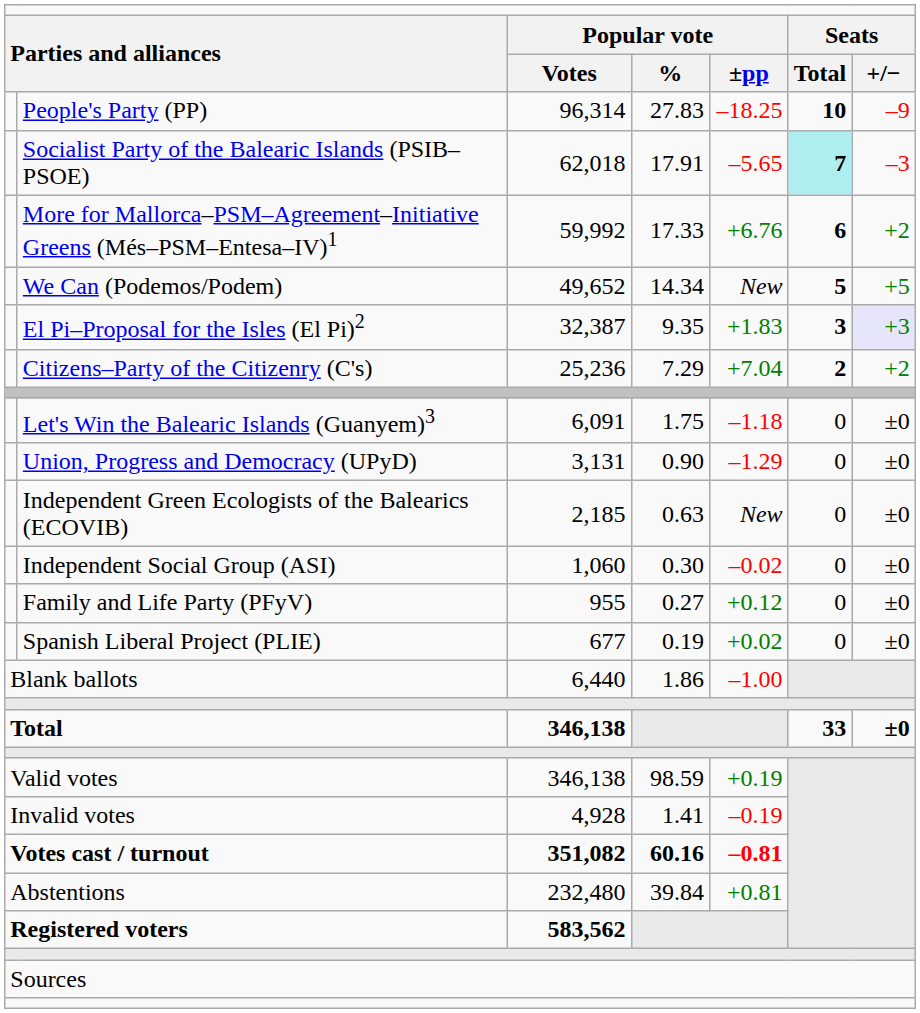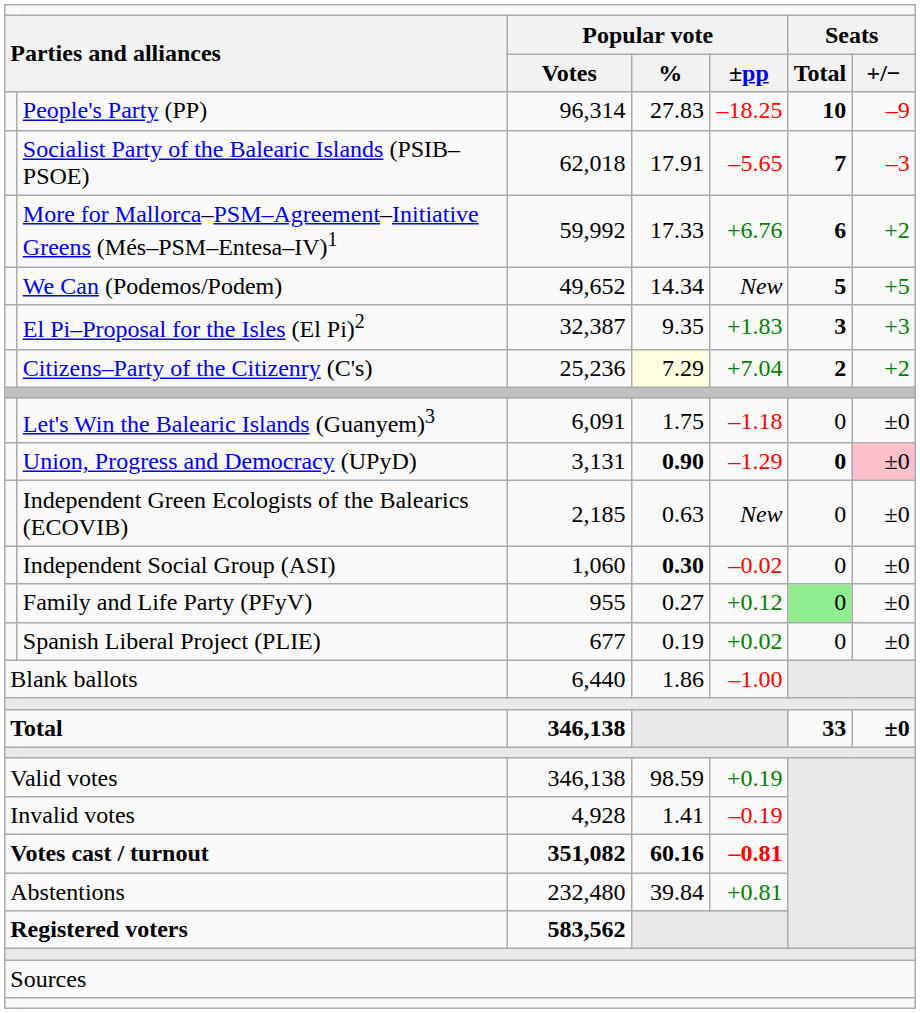 <table class="wikitable" style="text-align:right;">
 <tr>
 <td colspan="7"></td>
 </tr>
 <tr>
 <th style="text-align:left;" rowspan="2" colspan="2" width="525">Parties and alliances</th>
 <th colspan="3">Popular vote</th>
 <th colspan="2">Seats</th>
 </tr>
 <tr>
 <th width="75">Votes</th>
 <th width="45">%</th>
 <th width="45">±<a href='#'>pp</a></th>
 <th width="35">Total</th>
 <th width="35">+/−</th>
 </tr>
 <tr>
 <td width="1" style="color:inherit;background:"></td>
 <td align="left"><a href='#'>People's Party</a> (PP)</td>
 <td>96,314</td>
 <td>27.83</td>
 <td style="color:red;">–18.25</td>
 <td><strong>10</strong></td>
 <td style="color:red;">–9</td>
 </tr>
 <tr>
 <td style="color:inherit;background:"></td>
 <td align="left"><a href='#'>Socialist Party of the Balearic Islands</a> (PSIB–PSOE)</td>
 <td>62,018</td>
 <td>17.91</td>
 <td style="color:red;">–5.65</td>
-<td style="background: paleturquoise;"><strong>7</strong></td>
+<td><strong>7</strong></td>
 <td style="color:red;">–3</td>
 </tr>
 <tr>
 <td style="color:inherit;background:"></td>
 <td align="left"><a href='#'>More for Mallorca</a>–<a href='#'>PSM–Agreement</a>–<a href='#'>Initiative Greens</a> (Més–PSM–Entesa–IV)<sup>1</sup></td>
 <td>59,992</td>
 <td>17.33</td>
 <td style="color:green;">+6.76</td>
 <td><strong>6</strong></td>
 <td style="color:green;">+2</td>
 </tr>
 <tr>
 <td style="color:inherit;background:"></td>
 <td align="left"><a href='#'>We Can</a> (Podemos/Podem)</td>
 <td>49,652</td>
 <td>14.34</td>
 <td><em>New</em></td>
 <td><strong>5</strong></td>
 <td style="color:green;">+5</td>
 </tr>
 <tr>
 <td style="color:inherit;background:"></td>
 <td align="left"><a href='#'>El Pi–Proposal for the Isles</a> (El Pi)<sup>2</sup></td>
 <td>32,387</td>
 <td>9.35</td>
 <td style="color:green;">+1.83</td>
 <td><strong>3</strong></td>
-<td style="background: lavender; color:green;">+3</td>
+<td style="color:green;">+3</td>
 </tr>
 <tr>
 <td style="color:inherit;background:"></td>
 <td align="left"><a href='#'>Citizens–Party of the Citizenry</a> (C's)</td>
 <td>25,236</td>
-<td>7.29</td>
+<td style="background: lightyellow;">7.29</td>
 <td style="color:green;">+7.04</td>
 <td><strong>2</strong></td>
 <td style="color:green;">+2</td>
 </tr>
 <tr>
 <td colspan="7" bgcolor="#C0C0C0"></td>
 </tr>
 <tr>
 <td style="color:inherit;background:"></td>
 <td align="left"><a href='#'>Let's Win the Balearic Islands</a> (Guanyem)<sup>3</sup></td>
 <td>6,091</td>
 <td>1.75</td>
 <td style="color:red;">–1.18</td>
 <td>0</td>
 <td>±0</td>
 </tr>
 <tr>
 <td style="color:inherit;background:"></td>
 <td align="left"><a href='#'>Union, Progress and Democracy</a> (UPyD)</td>
 <td>3,131</td>
-<td>0.90</td>
+<td><strong>0.90</strong></td>
 <td style="color:red;">–1.29</td>
-<td>0</td>
-<td>±0</td>
+<td><strong>0</strong></td>
+<td style="background: pink;">±0</td>
 </tr>
 <tr>
 <td style="color:inherit;background:"></td>
 <td align="left">Independent Green Ecologists of the Balearics (ECOVIB)</td>
 <td>2,185</td>
 <td>0.63</td>
 <td><em>New</em></td>
 <td>0</td>
 <td>±0</td>
 </tr>
 <tr>
 <td style="color:inherit;background:"></td>
 <td align="left">Independent Social Group (ASI)</td>
 <td>1,060</td>
-<td>0.30</td>
+<td><strong>0.30</strong></td>
 <td style="color:red;">–0.02</td>
 <td>0</td>
 <td>±0</td>
 </tr>
 <tr>
 <td style="color:inherit;background:"></td>
 <td align="left">Family and Life Party (PFyV)</td>
 <td>955</td>
 <td>0.27</td>
 <td style="color:green;">+0.12</td>
-<td>0</td>
+<td style="background: lightgreen;">0</td>
 <td>±0</td>
 </tr>
 <tr>
 <td style="color:inherit;background:"></td>
 <td align="left">Spanish Liberal Project (PLIE)</td>
 <td>677</td>
 <td>0.19</td>
 <td style="color:green;">+0.02</td>
 <td>0</td>
 <td>±0</td>
 </tr>
 <tr>
 <td align="left" colspan="2">Blank ballots</td>
 <td>6,440</td>
 <td>1.86</td>
 <td style="color:red;">–1.00</td>
 <td bgcolor="#E9E9E9" colspan="2"></td>
 </tr>
 <tr>
 <td colspan="7" bgcolor="#E9E9E9"></td>
 </tr>
 <tr style="font-weight:bold;">
 <td align="left" colspan="2">Total</td>
 <td>346,138</td>
 <td bgcolor="#E9E9E9" colspan="2"></td>
 <td>33</td>
 <td>±0</td>
 </tr>
 <tr>
 <td colspan="7" bgcolor="#E9E9E9"></td>
 </tr>
 <tr>
 <td align="left" colspan="2">Valid votes</td>
 <td>346,138</td>
 <td>98.59</td>
 <td style="color:green;">+0.19</td>
 <td bgcolor="#E9E9E9" colspan="2" rowspan="5"></td>
 </tr>
 <tr>
 <td align="left" colspan="2">Invalid votes</td>
 <td>4,928</td>
 <td>1.41</td>
 <td style="color:red;">–0.19</td>
 </tr>
 <tr style="font-weight:bold;">
 <td align="left" colspan="2">Votes cast / turnout</td>
 <td>351,082</td>
 <td>60.16</td>
 <td style="color:red;">–0.81</td>
 </tr>
 <tr>
 <td align="left" colspan="2">Abstentions</td>
 <td>232,480</td>
 <td>39.84</td>
 <td style="color:green;">+0.81</td>
 </tr>
 <tr style="font-weight:bold;">
 <td align="left" colspan="2">Registered voters</td>
 <td>583,562</td>
 <td bgcolor="#E9E9E9" colspan="2"></td>
 </tr>
 <tr>
 <td colspan="7" bgcolor="#E9E9E9"></td>
 </tr>
 <tr>
 <td align="left" colspan="7">Sources</td>
 </tr>
 <tr>
 <td colspan="7" style="text-align:left; max-width:790px;"></td>
 </tr>
 </table>
